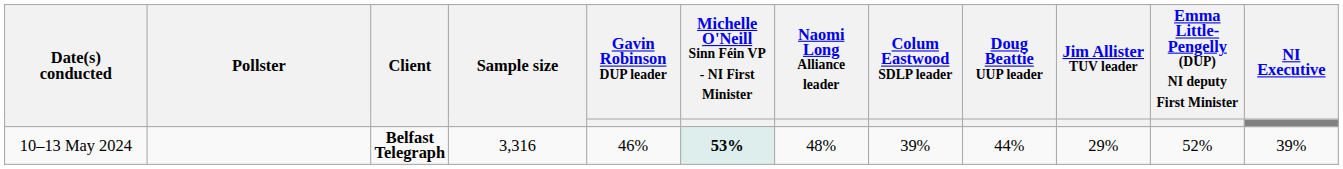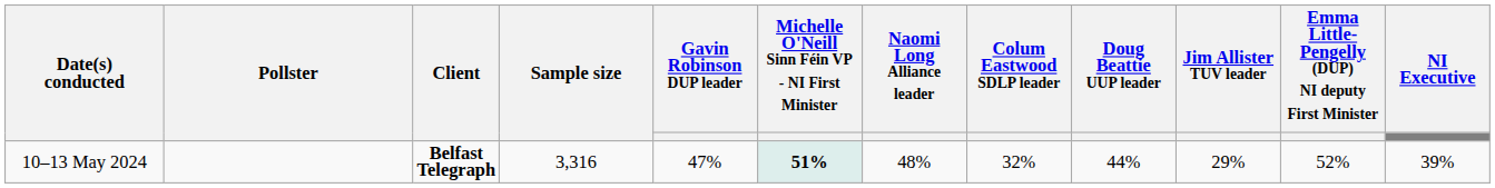 <table class="wikitable collapsible sortable mw-datatable" style="text-align:center;font-size:95%;line-height:14px;">
 <tr>
 <th style="width:125px;" rowspan="2">Date(s)<br>conducted</th>
 <th style="width:200px;" rowspan="2">Pollster</th>
 <th style="width:60px;"  rowspan="2">Client</th>
 <th style="width:120px;" rowspan="2">Sample size</th>
 <th class="unsortable" style="width:80px;"><a href='#'>Gavin Robinson</a> <br> <sup>DUP leader</sup></th>
 <th class="unsortable" style="width:80px;"><a href='#'>Michelle O'Neill</a> <br> <sup>Sinn Féin VP<br> - NI First Minister</sup></th>
 <th class="unsortable" style="width:80px;"><a href='#'>Naomi Long</a> <br> <sup>Alliance leader</sup></th>
 <th class="unsortable" style="width:80px;"><a href='#'>Colum Eastwood</a> <br> <sup>SDLP leader</sup></th>
 <th class="unsortable" style="width:80px;"><a href='#'>Doug Beattie</a> <br> <sup>UUP leader</sup></th>
 <th class="unsortable" style="width:80px;"><a href='#'>Jim Allister</a> <br> <sup>TUV leader</sup></th>
 <th class="unsortable" style="width:80px;"><a href='#'>Emma Little-Pengelly</a> <br> <sup>(DUP)<br> NI deputy First Minister</sup></th>
 <th class="unsortable" style="width:80px;"><a href='#'>NI Executive</a></th>
 </tr>
 <tr>
 <th data-sort-type="number" style="background:"></th>
 <th data-sort-type="number" style="background:"></th>
 <th data-sort-type="number" style="background:"></th>
 <th data-sort-type="number" style="background:"></th>
 <th data-sort-type="number" style="background:"></th>
 <th data-sort-type="number" style="background:"></th>
 <th data-sort-type="number" style="background:"></th>
 <th class="unsortable" style="background:grey;width:60px;"></th>
 </tr>
 <tr>
 <td>10–13 May 2024</td>
 <td></td>
 <td><strong>Belfast Telegraph</strong></td>
 <td>3,316</td>
-<td>46%</td>
-<td style="background:#DDEEEC;"><strong>53%</strong></td>
+<td>47%</td>
+<td style="background:#DDEEEC;"><strong>51%</strong></td>
 <td>48%</td>
-<td>39%</td>
+<td>32%</td>
 <td>44%</td>
 <td>29%</td>
 <td>52%</td>
 <td>39%</td>
 </tr>
 </table>
